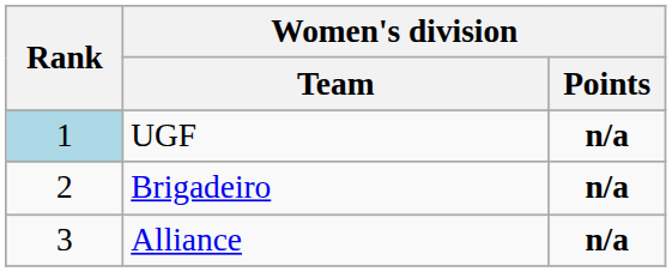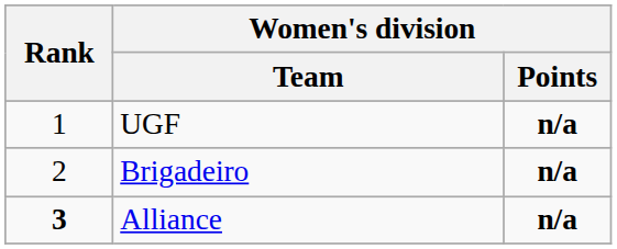 <table class="wikitable" style="text-align:center;">
 <tr>
 <th rowspan="2" width="50">Rank</th>
 <th colspan="2">Women's division</th>
 </tr>
 <tr>
 <th width="200">Team</th>
 <th width="50">Points</th>
 </tr>
 <tr>
-<td style="background: lightblue;">1</td>
+<td>1</td>
 <td style=text-align:left>UGF</td>
 <td><strong>n/a</strong></td>
 </tr>
 <tr>
 <td>2</td>
 <td style=text-align:left><a href='#'>Brigadeiro</a></td>
 <td><strong>n/a</strong></td>
 </tr>
 <tr>
-<td>3</td>
+<td><strong>3</strong></td>
 <td style=text-align:left><a href='#'>Alliance</a></td>
 <td><strong>n/a</strong></td>
 </tr>
 </table>
